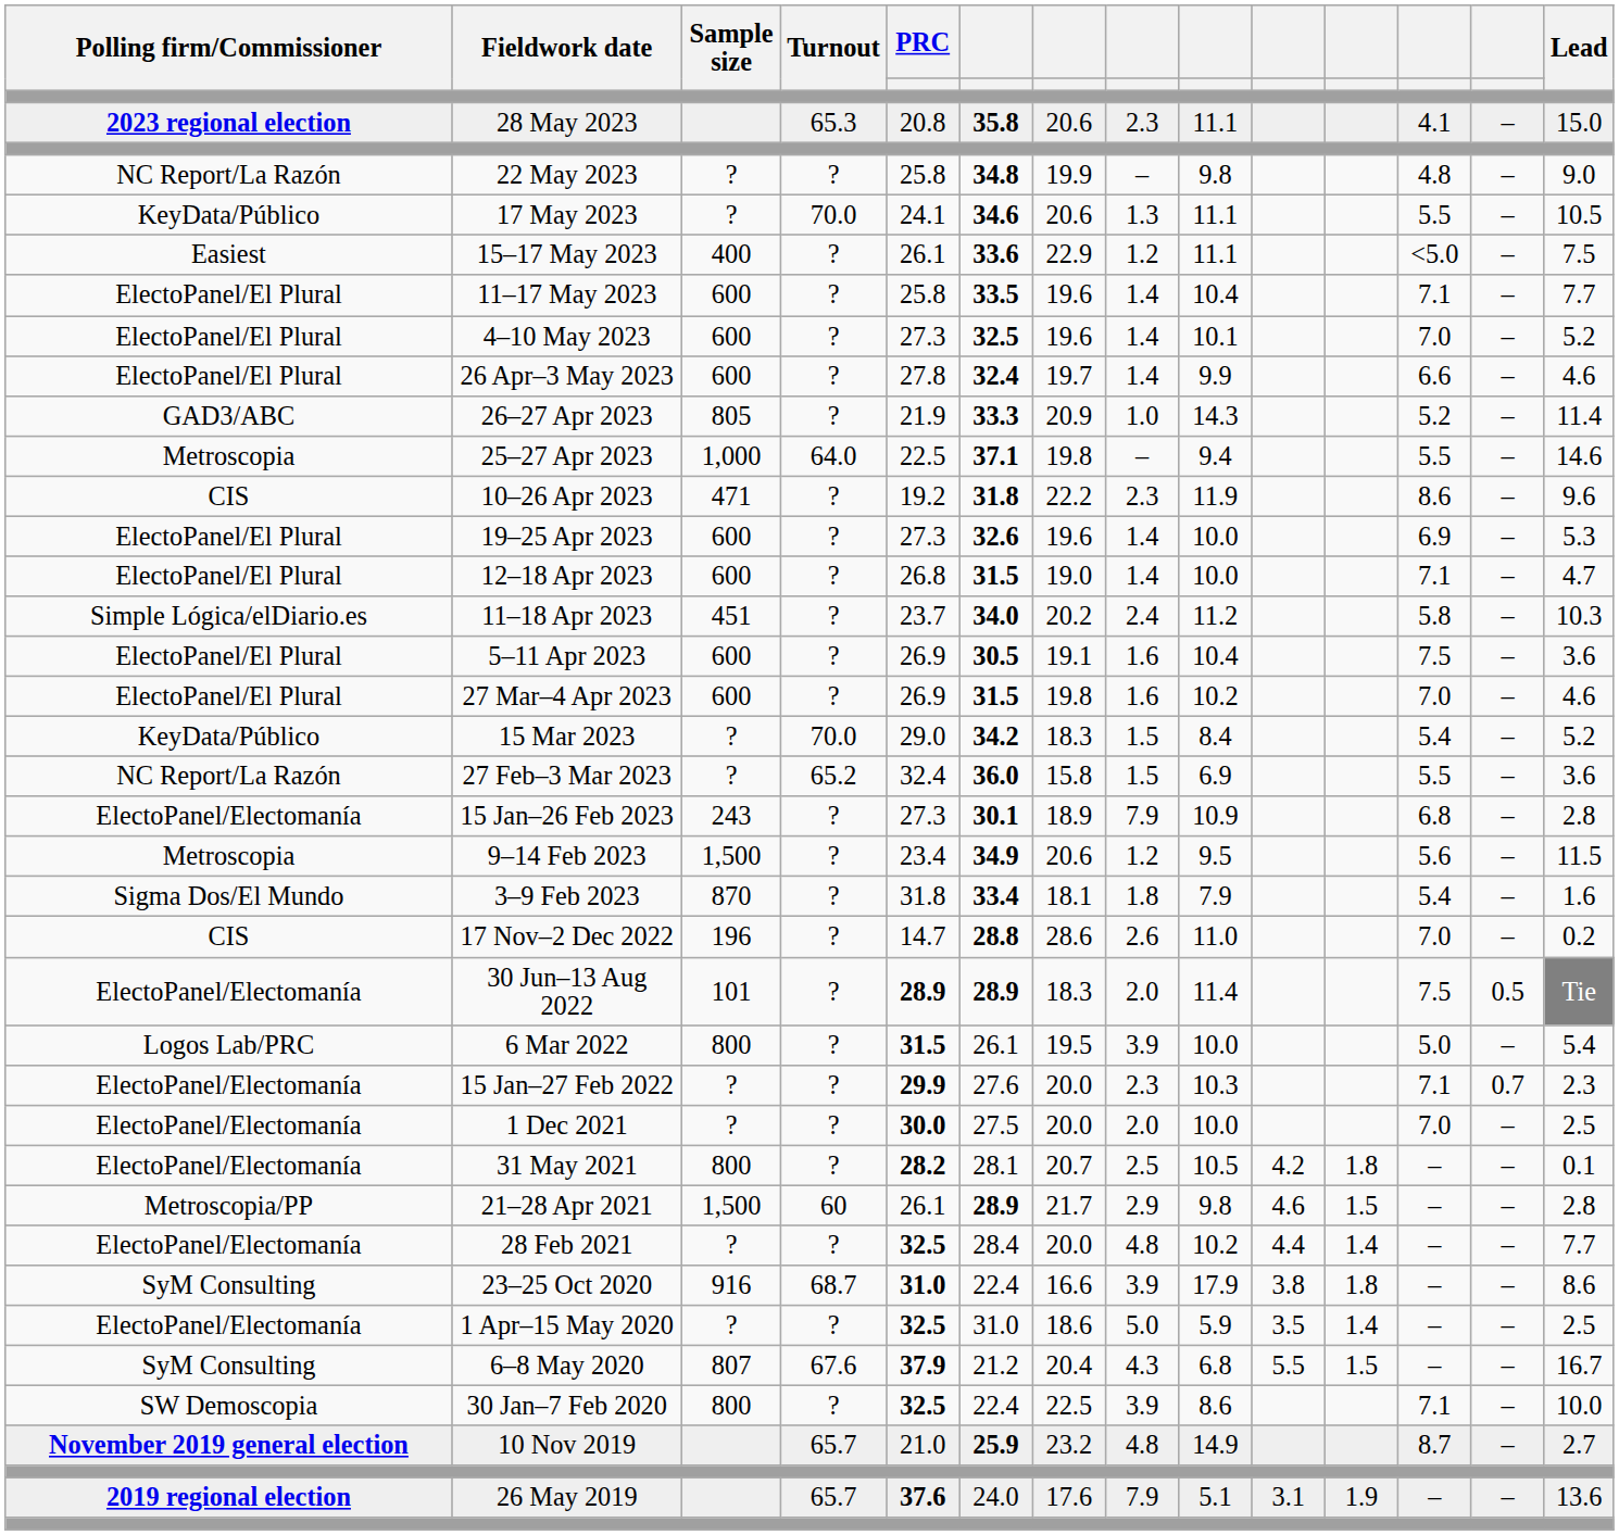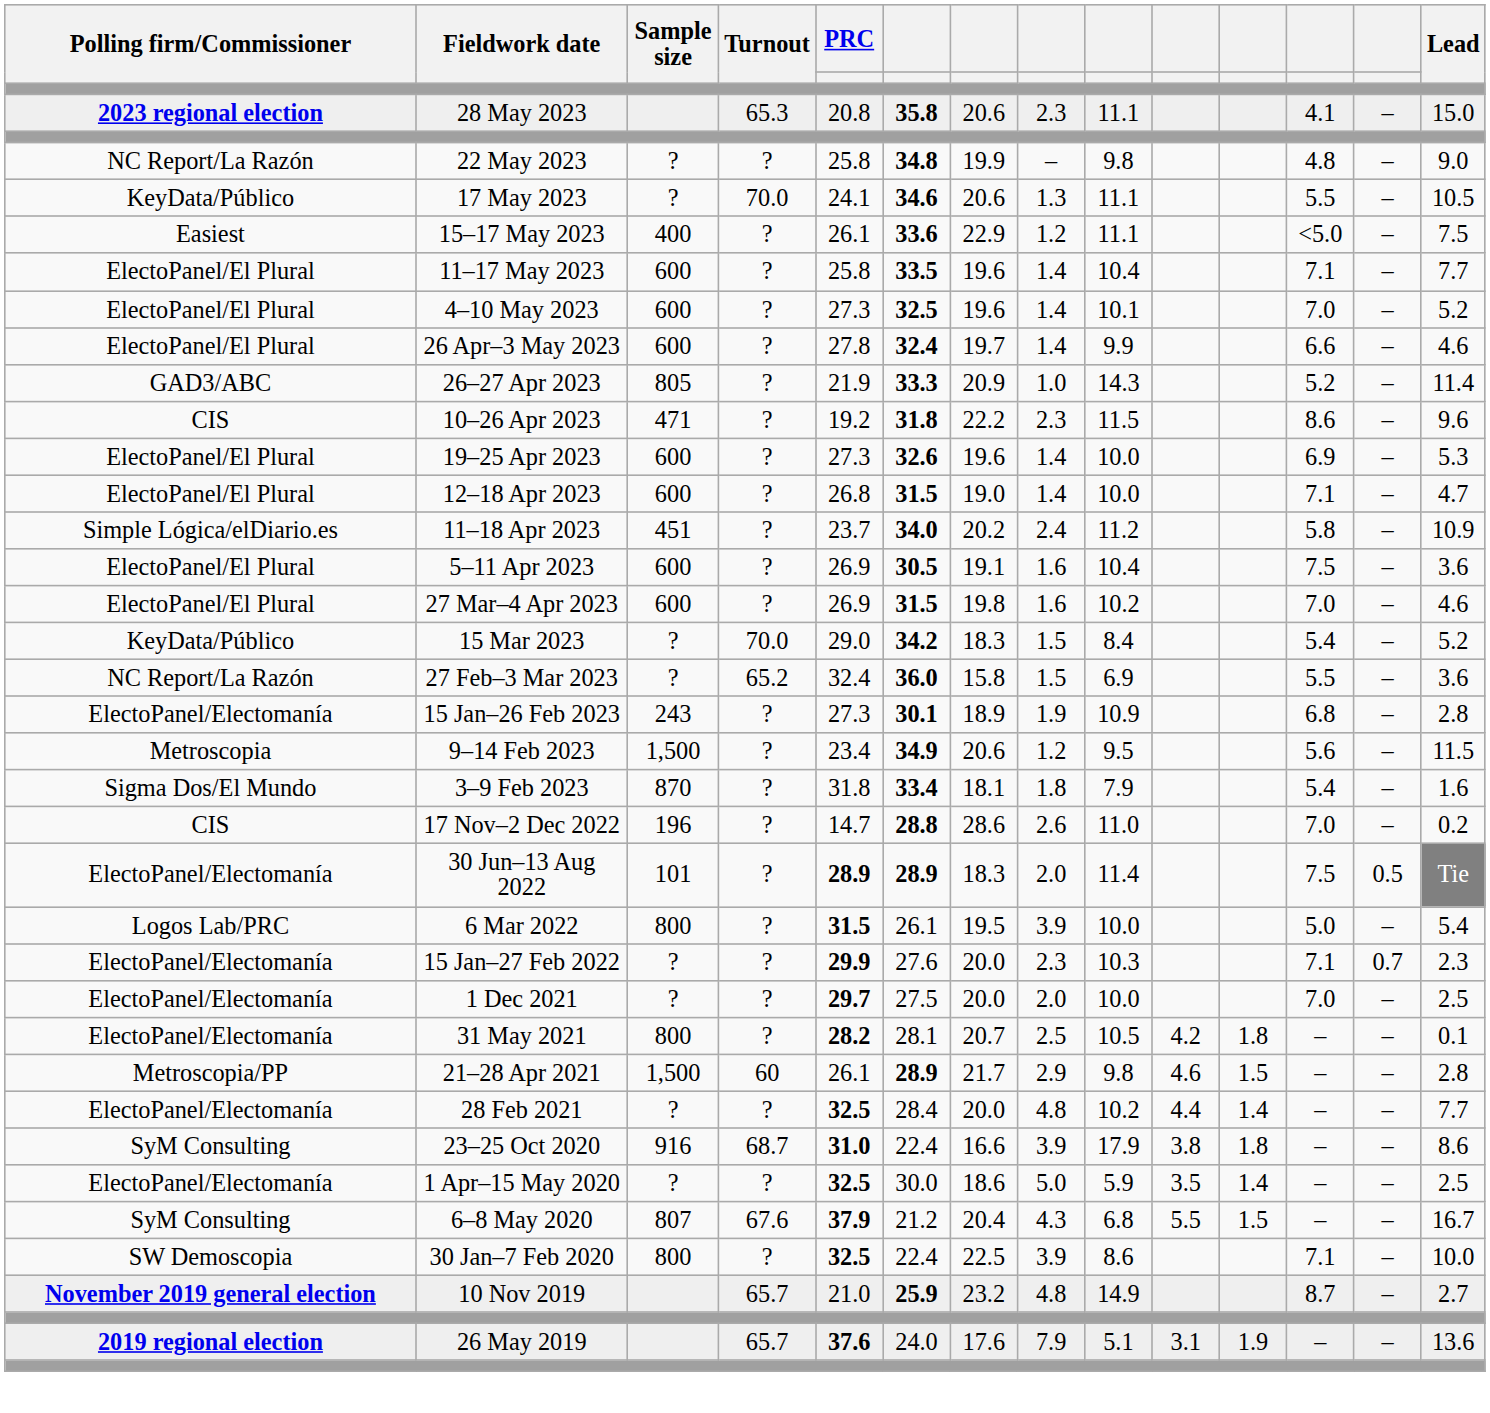 <table class="wikitable collapsible collapsed" style="text-align:center; font-size:95%; line-height:16px;">
 <tr style="height:42px;">
 <th style="width:250px;" rowspan="2">Polling firm/Commissioner</th>
 <th style="width:125px;" rowspan="2">Fieldwork date</th>
 <th style="width:50px;" rowspan="2">Sample size</th>
 <th style="width:45px;" rowspan="2">Turnout</th>
 <th style="width:35px;"><a href='#'>PRC</a></th>
 <th style="width:35px;"></th>
 <th style="width:35px;"></th>
 <th style="width:35px;"></th>
 <th style="width:35px;"></th>
 <th style="width:35px;"></th>
 <th style="width:35px;"></th>
 <th style="width:35px;"></th>
 <th style="width:35px;"></th>
 <th style="width:30px;" rowspan="2">Lead</th>
 </tr>
 <tr>
 <th style="color:inherit;background:"></th>
 <th style="color:inherit;background:"></th>
 <th style="color:inherit;background:"></th>
 <th style="color:inherit;background:"></th>
 <th style="color:inherit;background:"></th>
 <th style="color:inherit;background:"></th>
 <th style="color:inherit;background:"></th>
 <th style="color:inherit;background:"></th>
 <th style="color:inherit;background:"></th>
 </tr>
 <tr>
 <td colspan="14" style="background:#A0A0A0"></td>
 </tr>
 <tr style="background:#EFEFEF;">
 <td><strong><a href='#'>2023 regional election</a></strong></td>
 <td>28 May 2023</td>
 <td></td>
 <td>65.3</td>
 <td>20.8<br></td>
 <td><strong>35.8</strong><br></td>
 <td>20.6<br></td>
 <td>2.3<br></td>
 <td>11.1<br></td>
 <td></td>
 <td></td>
 <td>4.1<br></td>
 <td>–</td>
 <td style="background:">15.0</td>
 </tr>
 <tr>
 <td colspan="14" style="background:#A0A0A0"></td>
 </tr>
 <tr>
 <td>NC Report/La Razón</td>
 <td>22 May 2023</td>
 <td>?</td>
 <td>?</td>
 <td>25.8<br></td>
 <td><strong>34.8</strong><br></td>
 <td>19.9<br></td>
 <td>–</td>
 <td>9.8<br></td>
 <td></td>
 <td></td>
 <td>4.8<br></td>
 <td>–</td>
 <td style="background:">9.0</td>
 </tr>
 <tr>
 <td>KeyData/Público</td>
 <td>17 May 2023</td>
 <td>?</td>
 <td>70.0</td>
 <td>24.1<br></td>
 <td><strong>34.6</strong><br></td>
 <td>20.6<br></td>
 <td>1.3<br></td>
 <td>11.1<br></td>
 <td></td>
 <td></td>
 <td>5.5<br></td>
 <td>–</td>
 <td style="background:">10.5</td>
 </tr>
 <tr>
 <td>Easiest</td>
 <td>15–17 May 2023</td>
 <td>400</td>
 <td>?</td>
 <td>26.1<br></td>
 <td><strong>33.6</strong><br></td>
 <td>22.9<br></td>
 <td>1.2<br></td>
 <td>11.1<br></td>
 <td></td>
 <td></td>
 <td><5.0<br></td>
 <td>–</td>
 <td style="background:">7.5</td>
 </tr>
 <tr>
 <td>ElectoPanel/El Plural</td>
 <td>11–17 May 2023</td>
 <td>600</td>
 <td>?</td>
 <td>25.8<br></td>
 <td><strong>33.5</strong><br></td>
 <td>19.6<br></td>
 <td>1.4<br></td>
 <td>10.4<br></td>
 <td></td>
 <td></td>
 <td>7.1<br></td>
 <td>–</td>
 <td style="background:">7.7</td>
 </tr>
 <tr>
 <td>ElectoPanel/El Plural</td>
 <td>4–10 May 2023</td>
 <td>600</td>
 <td>?</td>
 <td>27.3<br></td>
 <td><strong>32.5</strong><br></td>
 <td>19.6<br></td>
 <td>1.4<br></td>
 <td>10.1<br></td>
 <td></td>
 <td></td>
 <td>7.0<br></td>
 <td>–</td>
 <td style="background:">5.2</td>
 </tr>
 <tr>
 <td>ElectoPanel/El Plural</td>
 <td>26 Apr–3 May 2023</td>
 <td>600</td>
 <td>?</td>
 <td>27.8<br></td>
 <td><strong>32.4</strong><br></td>
 <td>19.7<br></td>
 <td>1.4<br></td>
 <td>9.9<br></td>
 <td></td>
 <td></td>
 <td>6.6<br></td>
 <td>–</td>
 <td style="background:">4.6</td>
 </tr>
 <tr>
 <td>GAD3/ABC</td>
 <td>26–27 Apr 2023</td>
 <td>805</td>
 <td>?</td>
 <td>21.9<br></td>
 <td><strong>33.3</strong><br></td>
 <td>20.9<br></td>
 <td>1.0<br></td>
 <td>14.3<br></td>
 <td></td>
 <td></td>
 <td>5.2<br></td>
 <td>–</td>
 <td style="background:">11.4</td>
 </tr>
 <tr>
-<td>Metroscopia</td>
-<td>25–27 Apr 2023</td>
-<td>1,000</td>
-<td>64.0</td>
-<td>22.5<br></td>
-<td><strong>37.1</strong><br></td>
-<td>19.8<br></td>
-<td>–</td>
-<td>9.4<br></td>
-<td></td>
-<td></td>
-<td>5.5<br></td>
-<td>–</td>
-<td style="background:">14.6</td>
-</tr>
-<tr>
 <td>CIS</td>
 <td>10–26 Apr 2023</td>
 <td>471</td>
 <td>?</td>
 <td>19.2<br></td>
 <td><strong>31.8</strong><br></td>
 <td>22.2<br></td>
 <td>2.3<br></td>
-<td>11.9<br></td>
+<td>11.5<br></td>
 <td></td>
 <td></td>
 <td>8.6<br></td>
 <td>–</td>
 <td style="background:">9.6</td>
 </tr>
 <tr>
 <td>ElectoPanel/El Plural</td>
 <td>19–25 Apr 2023</td>
 <td>600</td>
 <td>?</td>
 <td>27.3<br></td>
 <td><strong>32.6</strong><br></td>
 <td>19.6<br></td>
 <td>1.4<br></td>
 <td>10.0<br></td>
 <td></td>
 <td></td>
 <td>6.9<br></td>
 <td>–</td>
 <td style="background:">5.3</td>
 </tr>
 <tr>
 <td>ElectoPanel/El Plural</td>
 <td>12–18 Apr 2023</td>
 <td>600</td>
 <td>?</td>
 <td>26.8<br></td>
 <td><strong>31.5</strong><br></td>
 <td>19.0<br></td>
 <td>1.4<br></td>
 <td>10.0<br></td>
 <td></td>
 <td></td>
 <td>7.1<br></td>
 <td>–</td>
 <td style="background:">4.7</td>
 </tr>
 <tr>
 <td>Simple Lógica/elDiario.es</td>
 <td>11–18 Apr 2023</td>
 <td>451</td>
 <td>?</td>
 <td>23.7<br></td>
 <td><strong>34.0</strong><br></td>
 <td>20.2<br></td>
 <td>2.4<br></td>
 <td>11.2<br></td>
 <td></td>
 <td></td>
 <td>5.8<br></td>
 <td>–</td>
-<td style="background:">10.3</td>
+<td style="background:">10.9</td>
 </tr>
 <tr>
 <td>ElectoPanel/El Plural</td>
 <td>5–11 Apr 2023</td>
 <td>600</td>
 <td>?</td>
 <td>26.9<br></td>
 <td><strong>30.5</strong><br></td>
 <td>19.1<br></td>
 <td>1.6<br></td>
 <td>10.4<br></td>
 <td></td>
 <td></td>
 <td>7.5<br></td>
 <td>–</td>
 <td style="background:">3.6</td>
 </tr>
 <tr>
 <td>ElectoPanel/El Plural</td>
 <td>27 Mar–4 Apr 2023</td>
 <td>600</td>
 <td>?</td>
 <td>26.9<br></td>
 <td><strong>31.5</strong><br></td>
 <td>19.8<br></td>
 <td>1.6<br></td>
 <td>10.2<br></td>
 <td></td>
 <td></td>
 <td>7.0<br></td>
 <td>–</td>
 <td style="background:">4.6</td>
 </tr>
 <tr>
 <td>KeyData/Público</td>
 <td>15 Mar 2023</td>
 <td>?</td>
 <td>70.0</td>
 <td>29.0<br></td>
 <td><strong>34.2</strong><br></td>
 <td>18.3<br></td>
 <td>1.5<br></td>
 <td>8.4<br></td>
 <td></td>
 <td></td>
 <td>5.4<br></td>
 <td>–</td>
 <td style="background:">5.2</td>
 </tr>
 <tr>
 <td>NC Report/La Razón</td>
 <td>27 Feb–3 Mar 2023</td>
 <td>?</td>
 <td>65.2</td>
 <td>32.4<br></td>
 <td><strong>36.0</strong><br></td>
 <td>15.8<br></td>
 <td>1.5<br></td>
 <td>6.9<br></td>
 <td></td>
 <td></td>
 <td>5.5<br></td>
 <td>–</td>
 <td style="background:">3.6</td>
 </tr>
 <tr>
 <td>ElectoPanel/Electomanía</td>
 <td>15 Jan–26 Feb 2023</td>
 <td>243</td>
 <td>?</td>
 <td>27.3<br></td>
 <td><strong>30.1</strong><br></td>
 <td>18.9<br></td>
-<td>7.9<br></td>
+<td>1.9<br></td>
 <td>10.9<br></td>
 <td></td>
 <td></td>
 <td>6.8<br></td>
 <td>–</td>
 <td style="background:">2.8</td>
 </tr>
 <tr>
 <td>Metroscopia</td>
 <td>9–14 Feb 2023</td>
 <td>1,500</td>
 <td>?</td>
 <td>23.4<br></td>
 <td><strong>34.9</strong><br></td>
 <td>20.6<br></td>
 <td>1.2<br></td>
 <td>9.5<br></td>
 <td></td>
 <td></td>
 <td>5.6<br></td>
 <td>–</td>
 <td style="background:">11.5</td>
 </tr>
 <tr>
 <td>Sigma Dos/El Mundo</td>
 <td>3–9 Feb 2023</td>
 <td>870</td>
 <td>?</td>
 <td>31.8<br></td>
 <td><strong>33.4</strong><br></td>
 <td>18.1<br></td>
 <td>1.8<br></td>
 <td>7.9<br></td>
 <td></td>
 <td></td>
 <td>5.4<br></td>
 <td>–</td>
 <td style="background:">1.6</td>
 </tr>
 <tr>
 <td>CIS</td>
 <td>17 Nov–2 Dec 2022</td>
 <td>196</td>
 <td>?</td>
 <td>14.7<br></td>
 <td><strong>28.8</strong><br></td>
 <td>28.6<br></td>
 <td>2.6<br></td>
 <td>11.0<br></td>
 <td></td>
 <td></td>
 <td>7.0<br></td>
 <td>–</td>
 <td style="background:">0.2</td>
 </tr>
 <tr>
 <td>ElectoPanel/Electomanía</td>
 <td>30 Jun–13 Aug 2022</td>
 <td>101</td>
 <td>?</td>
 <td><strong>28.9</strong><br></td>
 <td><strong>28.9</strong><br></td>
 <td>18.3<br></td>
 <td>2.0<br></td>
 <td>11.4<br></td>
 <td></td>
 <td></td>
 <td>7.5<br></td>
 <td>0.5<br></td>
 <td style="background:gray; color:white;">Tie</td>
 </tr>
 <tr>
 <td>Logos Lab/PRC</td>
 <td>6 Mar 2022</td>
 <td>800</td>
 <td>?</td>
 <td><strong>31.5</strong><br></td>
 <td>26.1<br></td>
 <td>19.5<br></td>
 <td>3.9<br></td>
 <td>10.0<br></td>
 <td></td>
 <td></td>
 <td>5.0<br></td>
 <td>–</td>
 <td style="background:">5.4</td>
 </tr>
 <tr>
 <td>ElectoPanel/Electomanía</td>
 <td>15 Jan–27 Feb 2022</td>
 <td>?</td>
 <td>?</td>
 <td><strong>29.9</strong><br></td>
 <td>27.6<br></td>
 <td>20.0<br></td>
 <td>2.3<br></td>
 <td>10.3<br></td>
 <td></td>
 <td></td>
 <td>7.1<br></td>
 <td>0.7<br></td>
 <td style="background:">2.3</td>
 </tr>
 <tr>
 <td>ElectoPanel/Electomanía</td>
 <td>1 Dec 2021</td>
 <td>?</td>
 <td>?</td>
-<td><strong>30.0</strong><br></td>
+<td><strong>29.7</strong><br></td>
 <td>27.5<br></td>
 <td>20.0<br></td>
 <td>2.0<br></td>
 <td>10.0<br></td>
 <td></td>
 <td></td>
 <td>7.0<br></td>
 <td>–</td>
 <td style="background:">2.5</td>
 </tr>
 <tr>
 <td>ElectoPanel/Electomanía</td>
 <td>31 May 2021</td>
 <td>800</td>
 <td>?</td>
 <td><strong>28.2</strong><br></td>
 <td>28.1<br></td>
 <td>20.7<br></td>
 <td>2.5<br></td>
 <td>10.5<br></td>
 <td>4.2<br></td>
 <td>1.8<br></td>
 <td>–</td>
 <td>–</td>
 <td style="background:">0.1</td>
 </tr>
 <tr>
 <td>Metroscopia/PP</td>
 <td>21–28 Apr 2021</td>
 <td>1,500</td>
 <td>60</td>
 <td>26.1<br></td>
 <td><strong>28.9</strong><br></td>
 <td>21.7<br></td>
 <td>2.9<br></td>
 <td>9.8<br></td>
 <td>4.6<br></td>
 <td>1.5<br></td>
 <td>–</td>
 <td>–</td>
 <td style="background:">2.8</td>
 </tr>
 <tr>
 <td>ElectoPanel/Electomanía</td>
 <td>28 Feb 2021</td>
 <td>?</td>
 <td>?</td>
 <td><strong>32.5</strong><br></td>
 <td>28.4<br></td>
 <td>20.0<br></td>
 <td>4.8<br></td>
 <td>10.2<br></td>
 <td>4.4<br></td>
 <td>1.4<br></td>
 <td>–</td>
 <td>–</td>
 <td style="background:">7.7</td>
 </tr>
 <tr>
 <td>SyM Consulting</td>
 <td>23–25 Oct 2020</td>
 <td>916</td>
 <td>68.7</td>
 <td><strong>31.0</strong><br></td>
 <td>22.4<br></td>
 <td>16.6<br></td>
 <td>3.9<br></td>
 <td>17.9<br></td>
 <td>3.8<br></td>
 <td>1.8<br></td>
 <td>–</td>
 <td>–</td>
 <td style="background:">8.6</td>
 </tr>
 <tr>
 <td>ElectoPanel/Electomanía</td>
 <td>1 Apr–15 May 2020</td>
 <td>?</td>
 <td>?</td>
 <td><strong>32.5</strong><br></td>
-<td>31.0<br></td>
+<td>30.0<br></td>
 <td>18.6<br></td>
 <td>5.0<br></td>
 <td>5.9<br></td>
 <td>3.5<br></td>
 <td>1.4<br></td>
 <td>–</td>
 <td>–</td>
 <td style="background:">2.5</td>
 </tr>
 <tr>
 <td>SyM Consulting</td>
 <td>6–8 May 2020</td>
 <td>807</td>
 <td>67.6</td>
 <td><strong>37.9</strong><br></td>
 <td>21.2<br></td>
 <td>20.4<br></td>
 <td>4.3<br></td>
 <td>6.8<br></td>
 <td>5.5<br></td>
 <td>1.5<br></td>
 <td>–</td>
 <td>–</td>
 <td style="background:">16.7</td>
 </tr>
 <tr>
 <td>SW Demoscopia</td>
 <td>30 Jan–7 Feb 2020</td>
 <td>800</td>
 <td>?</td>
 <td><strong>32.5</strong><br></td>
 <td>22.4<br></td>
 <td>22.5<br></td>
 <td>3.9<br></td>
 <td>8.6<br></td>
 <td></td>
 <td></td>
 <td>7.1<br></td>
 <td>–</td>
 <td style="background:">10.0</td>
 </tr>
 <tr style="background:#EFEFEF;">
 <td><strong><a href='#'>November 2019 general election</a></strong></td>
 <td>10 Nov 2019</td>
 <td></td>
 <td>65.7</td>
 <td>21.0<br></td>
 <td><strong>25.9</strong><br></td>
 <td>23.2<br></td>
 <td>4.8<br></td>
 <td>14.9<br></td>
 <td></td>
 <td></td>
 <td>8.7<br></td>
 <td>–</td>
 <td style="background:">2.7</td>
 </tr>
 <tr>
 <td colspan="14" style="background:#A0A0A0"></td>
 </tr>
 <tr style="background:#EFEFEF;">
 <td><strong><a href='#'>2019 regional election</a></strong></td>
 <td>26 May 2019</td>
 <td></td>
 <td>65.7</td>
 <td><strong>37.6</strong><br></td>
 <td>24.0<br></td>
 <td>17.6<br></td>
 <td>7.9<br></td>
 <td>5.1<br></td>
 <td>3.1<br></td>
 <td>1.9<br></td>
 <td>–</td>
 <td>–</td>
 <td style="background:">13.6</td>
 </tr>
 <tr>
 <td colspan="14" style="background:#A0A0A0"></td>
 </tr>
 </table>
